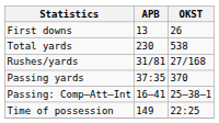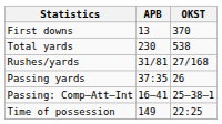 <table class="wikitable" style="float: left;">
 <tr>
 <th>Statistics</th>
 <th>APB</th>
 <th>OKST</th>
 </tr>
 <tr>
 <td>First downs</td>
 <td>13</td>
-<td>26</td>
+<td>370</td>
 </tr>
 <tr>
 <td>Total yards</td>
 <td>230</td>
 <td>538</td>
 </tr>
 <tr>
 <td>Rushes/yards</td>
 <td>31/81</td>
 <td>27/168</td>
 </tr>
 <tr>
 <td>Passing yards</td>
 <td>37:35</td>
-<td>370</td>
+<td>26</td>
 </tr>
 <tr>
 <td>Passing: Comp–Att–Int</td>
 <td>16–41</td>
 <td>25–38–1</td>
 </tr>
 <tr>
 <td>Time of possession</td>
 <td>149</td>
 <td>22:25</td>
 </tr>
 <tr>
 </tr>
 </table>
